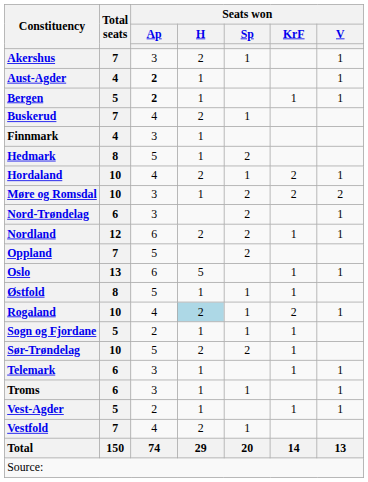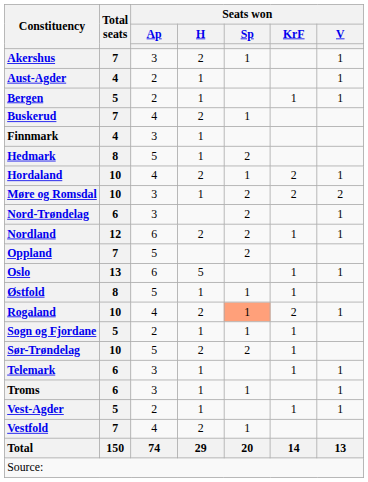 <table class="wikitable" style="text-align:center; font-size: 0.9em;">
 <tr>
 <th rowspan="3">Constituency</th>
 <th rowspan="3">Total<br>seats</th>
 <th colspan="5">Seats won</th>
 </tr>
 <tr>
 <th class="unsortable" style="width:50px;"><a href='#'>Ap</a></th>
 <th class="unsortable" style="width:50px;"><a href='#'>H</a></th>
 <th class="unsortable" style="width:50px;"><a href='#'>Sp</a></th>
 <th class="unsortable" style="width:50px;"><a href='#'>KrF</a></th>
 <th class="unsortable" style="width:50px;"><a href='#'>V</a></th>
 </tr>
 <tr>
 <th style="background:"></th>
 <th style="background:"></th>
 <th style="background:"></th>
 <th style="background:"></th>
 <th style="background:"></th>
 </tr>
 <tr>
 <th style="text-align: left;"><a href='#'>Akershus</a></th>
 <th>7</th>
 <td>3</td>
 <td>2</td>
 <td>1</td>
 <td></td>
 <td>1</td>
 </tr>
 <tr>
 <th style="text-align: left;"><a href='#'>Aust-Agder</a></th>
 <th>4</th>
-<td><strong>2</strong></td>
+<td>2</td>
 <td>1</td>
 <td></td>
 <td></td>
 <td>1</td>
 </tr>
 <tr>
 <th style="text-align: left;"><a href='#'>Bergen</a></th>
 <th>5</th>
-<td><strong>2</strong></td>
+<td>2</td>
 <td>1</td>
 <td></td>
 <td>1</td>
 <td>1</td>
 </tr>
 <tr>
 <th style="text-align: left;"><a href='#'>Buskerud</a></th>
 <th>7</th>
 <td>4</td>
 <td>2</td>
 <td>1</td>
 <td></td>
 <td></td>
 </tr>
 <tr>
 <th style="text-align: left;">Finnmark</th>
 <th>4</th>
 <td>3</td>
 <td>1</td>
 <td></td>
 <td></td>
 <td></td>
 </tr>
 <tr>
 <th style="text-align: left;"><a href='#'>Hedmark</a></th>
 <th>8</th>
 <td>5</td>
 <td>1</td>
 <td>2</td>
 <td></td>
 <td></td>
 </tr>
 <tr>
 <th style="text-align: left;"><a href='#'>Hordaland</a></th>
 <th>10</th>
 <td>4</td>
 <td>2</td>
 <td>1</td>
 <td>2</td>
 <td>1</td>
 </tr>
 <tr>
 <th style="text-align: left;"><a href='#'>Møre og Romsdal</a></th>
 <th>10</th>
 <td>3</td>
 <td>1</td>
 <td>2</td>
 <td>2</td>
 <td>2</td>
 </tr>
 <tr>
 <th style="text-align: left;"><a href='#'>Nord-Trøndelag</a></th>
 <th>6</th>
 <td>3</td>
 <td></td>
 <td>2</td>
 <td></td>
 <td>1</td>
 </tr>
 <tr>
 <th style="text-align: left;"><a href='#'>Nordland</a></th>
 <th>12</th>
 <td>6</td>
 <td>2</td>
 <td>2</td>
 <td>1</td>
 <td>1</td>
 </tr>
 <tr>
 <th style="text-align: left;"><a href='#'>Oppland</a></th>
 <th>7</th>
 <td>5</td>
 <td></td>
 <td>2</td>
 <td></td>
 <td></td>
 </tr>
 <tr>
 <th style="text-align: left;"><a href='#'>Oslo</a></th>
 <th>13</th>
 <td>6</td>
 <td>5</td>
 <td></td>
 <td>1</td>
 <td>1</td>
 </tr>
 <tr>
 <th style="text-align: left;"><a href='#'>Østfold</a></th>
 <th>8</th>
 <td>5</td>
 <td>1</td>
 <td>1</td>
 <td>1</td>
 <td></td>
 </tr>
 <tr>
 <th style="text-align: left;"><a href='#'>Rogaland</a></th>
 <th>10</th>
 <td>4</td>
-<td style="background: lightblue;">2</td>
-<td>1</td>
+<td>2</td>
+<td style="background: lightsalmon;">1</td>
 <td>2</td>
 <td>1</td>
 </tr>
 <tr>
 <th style="text-align: left;"><a href='#'>Sogn og Fjordane</a></th>
 <th>5</th>
 <td>2</td>
 <td>1</td>
 <td>1</td>
 <td>1</td>
 <td></td>
 </tr>
 <tr>
 <th style="text-align: left;"><a href='#'>Sør-Trøndelag</a></th>
 <th>10</th>
 <td>5</td>
 <td>2</td>
 <td>2</td>
 <td>1</td>
 <td></td>
 </tr>
 <tr>
 <th style="text-align: left;"><a href='#'>Telemark</a></th>
 <th>6</th>
 <td>3</td>
 <td>1</td>
 <td></td>
 <td>1</td>
 <td>1</td>
 </tr>
 <tr>
 <th style="text-align: left;">Troms</th>
 <th>6</th>
 <td>3</td>
 <td>1</td>
 <td>1</td>
 <td></td>
 <td>1</td>
 </tr>
 <tr>
 <th style="text-align: left;"><a href='#'>Vest-Agder</a></th>
 <th>5</th>
 <td>2</td>
 <td>1</td>
 <td></td>
 <td>1</td>
 <td>1</td>
 </tr>
 <tr>
 <th style="text-align: left;"><a href='#'>Vestfold</a></th>
 <th>7</th>
 <td>4</td>
 <td>2</td>
 <td>1</td>
 <td></td>
 <td></td>
 </tr>
 <tr>
 <th style="text-align: left;">Total</th>
 <th>150</th>
 <th>74</th>
 <th>29</th>
 <th>20</th>
 <th>14</th>
 <th>13</th>
 </tr>
 <tr>
 <td align=left colspan="7">Source: </td>
 </tr>
 </table>
